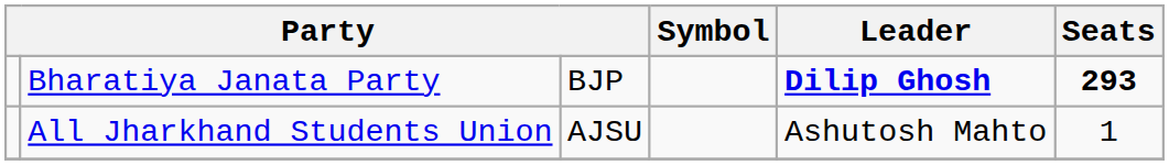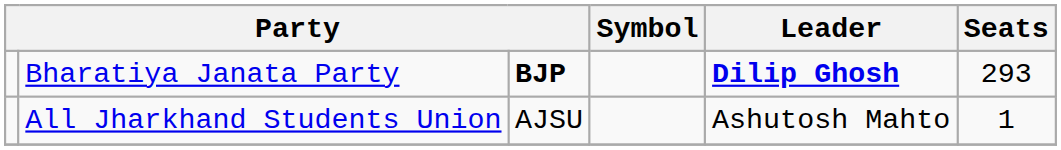 <table class="wikitable">
 <tr>
 <th colspan="3">Party</th>
 <th>Symbol</th>
 <th>Leader</th>
 <th>Seats</th>
 </tr>
 <tr>
 <td></td>
 <td><a href='#'>Bharatiya Janata Party</a></td>
-<td>BJP</td>
+<td><strong>BJP</strong></td>
 <td></td>
 <td><strong><a href='#'>Dilip Ghosh</a></strong></td>
-<td style="text-align:center"><strong>293</strong></td>
+<td style="text-align:center">293</td>
 </tr>
 <tr>
 <td></td>
 <td><a href='#'>All Jharkhand Students Union</a></td>
 <td>AJSU</td>
 <td></td>
 <td>Ashutosh Mahto</td>
 <td style="text-align:center">1</td>
 </tr>
 <tr>
 </tr>
 </table>
